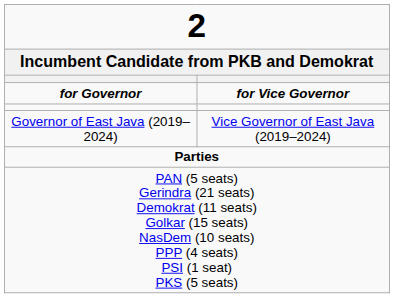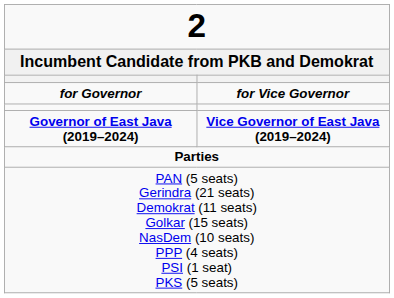 <table class="wikitable" style="font-size:90%; text-align:center;">
 <tr>
 <td colspan=2><big><big><big><big><big><strong>2</strong></big></big></big></big></big></td>
 </tr>
 <tr>
 <td colspan=2 style="background:#f1f1f1;"><strong><big>Incumbent Candidate from PKB and Demokrat</big></strong></td>
 </tr>
 <tr>
 <th style="width:3em; font-size:135%; background:#"><a href='#'></a></th>
 <th style="width:3em; font-size:135%; background:#"><a href='#'></a></th>
 </tr>
 <tr style="color:#000; font-size:100%; background:#">
 <td style="width:3em; width:200px;"><strong><em>for Governor</em></strong></td>
 <td style="width:3em; width:200px;"><strong><em>for Vice Governor</em></strong></td>
 </tr>
 <tr>
 <td></td>
 <td></td>
 </tr>
 <tr>
-<td><a href='#'>Governor of East Java</a> (2019–2024)</td>
-<td><a href='#'>Vice Governor of East Java</a> (2019–2024)</td>
+<td><strong><a href='#'>Governor of East Java</a> (2019–2024)</strong></td>
+<td><strong><a href='#'>Vice Governor of East Java</a> (2019–2024)</strong></td>
 </tr>
 <tr>
 <td colspan=2 style="background:#"><strong>Parties</strong></td>
 </tr>
 <tr>
 <td colspan=2> <a href='#'>PAN</a> (5 seats)<br> <a href='#'>Gerindra</a> (21 seats)<br> <a href='#'>Demokrat</a> (11 seats)<br> <a href='#'>Golkar</a> (15 seats)<br><a href='#'>NasDem</a> (10 seats)<br><a href='#'>PPP</a> (4 seats)<br> <a href='#'>PSI</a> (1 seat)<br> <a href='#'>PKS</a> (5 seats)</td>
 </tr>
 </table>
